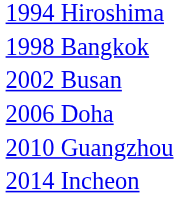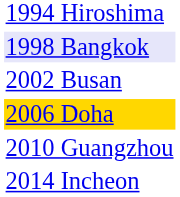 <table>
 <tr>
 <td><a href='#'>1994 Hiroshima</a></td>
 <td></td>
 <td></td>
 <td></td>
 </tr>
 <tr>
-<td><a href='#'>1998 Bangkok</a></td>
+<td style="background: lavender;"><a href='#'>1998 Bangkok</a></td>
 <td></td>
 <td></td>
 <td></td>
 </tr>
 <tr>
 <td><a href='#'>2002 Busan</a></td>
 <td></td>
 <td></td>
 <td></td>
 </tr>
 <tr>
-<td><a href='#'>2006 Doha</a></td>
+<td style="background: gold;"><a href='#'>2006 Doha</a></td>
 <td></td>
 <td></td>
 <td></td>
 </tr>
 <tr>
 <td rowspan=2><a href='#'>2010 Guangzhou</a></td>
 <td rowspan=2></td>
 <td rowspan=2></td>
 <td></td>
 </tr>
 <tr>
 <td></td>
 </tr>
 <tr>
 <td rowspan=2><a href='#'>2014 Incheon</a></td>
 <td rowspan=2></td>
 <td rowspan=2></td>
 <td></td>
 </tr>
 <tr>
 <td></td>
 </tr>
 </table>
